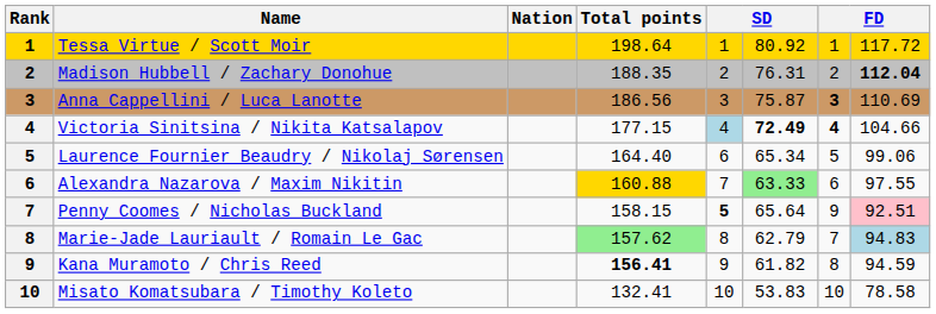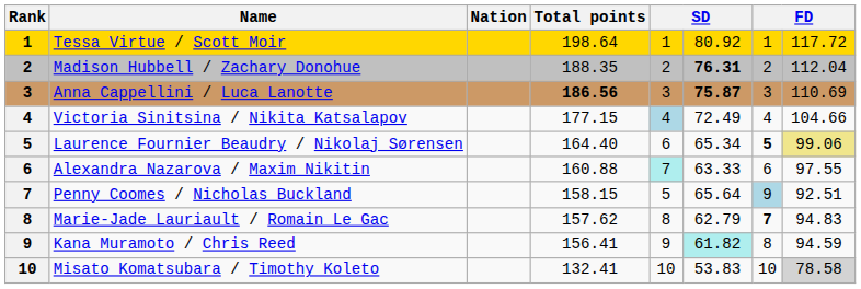 <table class="wikitable sortable">
 <tr>
 <th>Rank</th>
 <th>Name</th>
 <th>Nation</th>
 <th>Total points</th>
 <th colspan="2" width="80px"><a href='#'>SD</a></th>
 <th colspan="2" width="80px"><a href='#'>FD</a></th>
 </tr>
 <tr bgcolor="gold">
 <td align="center"><strong>1</strong></td>
 <td><a href='#'>Tessa Virtue</a> / <a href='#'>Scott Moir</a></td>
 <td></td>
 <td align="center">198.64</td>
 <td align="center">1</td>
 <td align="center">80.92</td>
 <td align="center">1</td>
 <td align="center">117.72</td>
 </tr>
 <tr bgcolor="silver">
 <td align="center"><strong>2</strong></td>
 <td><a href='#'>Madison Hubbell</a> / <a href='#'>Zachary Donohue</a></td>
 <td></td>
 <td align="center">188.35</td>
 <td align="center">2</td>
-<td align="center">76.31</td>
+<td align="center"><strong>76.31</strong></td>
 <td align="center">2</td>
-<td align="center"><strong>112.04</strong></td>
+<td align="center">112.04</td>
 </tr>
 <tr bgcolor="cc9966">
 <td align="center"><strong>3</strong></td>
 <td><a href='#'>Anna Cappellini</a> / <a href='#'>Luca Lanotte</a></td>
 <td></td>
-<td align="center">186.56</td>
+<td align="center"><strong>186.56</strong></td>
 <td align="center">3</td>
-<td align="center">75.87</td>
-<td align="center"><strong>3</strong></td>
+<td align="center"><strong>75.87</strong></td>
+<td align="center">3</td>
 <td align="center">110.69</td>
 </tr>
 <tr>
 <th>4</th>
 <td><a href='#'>Victoria Sinitsina</a> / <a href='#'>Nikita Katsalapov</a></td>
 <td></td>
 <td align="center">177.15</td>
 <td align="center" style="background: lightblue;">4</td>
-<td align="center"><strong>72.49</strong></td>
-<td align="center"><strong>4</strong></td>
+<td align="center">72.49</td>
+<td align="center">4</td>
 <td align="center">104.66</td>
 </tr>
 <tr>
 <th>5</th>
 <td><a href='#'>Laurence Fournier Beaudry</a> / <a href='#'>Nikolaj Sørensen</a></td>
 <td></td>
 <td align="center">164.40</td>
 <td align="center">6</td>
 <td align="center">65.34</td>
-<td align="center">5</td>
-<td align="center">99.06</td>
+<td align="center"><strong>5</strong></td>
+<td align="center" style="background: khaki;">99.06</td>
 </tr>
 <tr>
 <th>6</th>
 <td><a href='#'>Alexandra Nazarova</a> / <a href='#'>Maxim Nikitin</a></td>
 <td></td>
-<td align="center" style="background: gold;">160.88</td>
-<td align="center">7</td>
-<td align="center" style="background: lightgreen;">63.33</td>
+<td align="center">160.88</td>
+<td align="center" style="background: paleturquoise;">7</td>
+<td align="center">63.33</td>
 <td align="center">6</td>
 <td align="center">97.55</td>
 </tr>
 <tr>
 <th>7</th>
 <td><a href='#'>Penny Coomes</a> / <a href='#'>Nicholas Buckland</a></td>
 <td></td>
 <td align="center">158.15</td>
-<td align="center"><strong>5</strong></td>
+<td align="center">5</td>
 <td align="center">65.64</td>
-<td align="center">9</td>
-<td align="center" style="background: pink;">92.51</td>
+<td align="center" style="background: lightblue;">9</td>
+<td align="center">92.51</td>
 </tr>
 <tr>
 <th>8</th>
 <td><a href='#'>Marie-Jade Lauriault</a> / <a href='#'>Romain Le Gac</a></td>
 <td></td>
-<td align="center" style="background: lightgreen;">157.62</td>
+<td align="center">157.62</td>
 <td align="center">8</td>
 <td align="center">62.79</td>
-<td align="center">7</td>
-<td align="center" style="background: lightblue;">94.83</td>
+<td align="center"><strong>7</strong></td>
+<td align="center">94.83</td>
 </tr>
 <tr>
 <th>9</th>
 <td><a href='#'>Kana Muramoto</a> / <a href='#'>Chris Reed</a></td>
 <td></td>
-<td align="center"><strong>156.41</strong></td>
+<td align="center">156.41</td>
 <td align="center">9</td>
-<td align="center">61.82</td>
+<td align="center" style="background: paleturquoise;">61.82</td>
 <td align="center">8</td>
 <td align="center">94.59</td>
 </tr>
 <tr>
 <th>10</th>
 <td><a href='#'>Misato Komatsubara</a> / <a href='#'>Timothy Koleto</a></td>
 <td></td>
 <td align="center">132.41</td>
 <td align="center">10</td>
 <td align="center">53.83</td>
 <td align="center">10</td>
-<td align="center">78.58</td>
+<td align="center" style="background: lightgrey;">78.58</td>
 </tr>
 </table>
